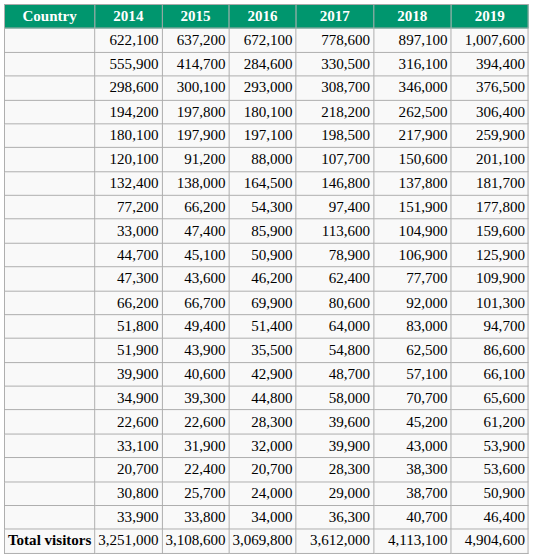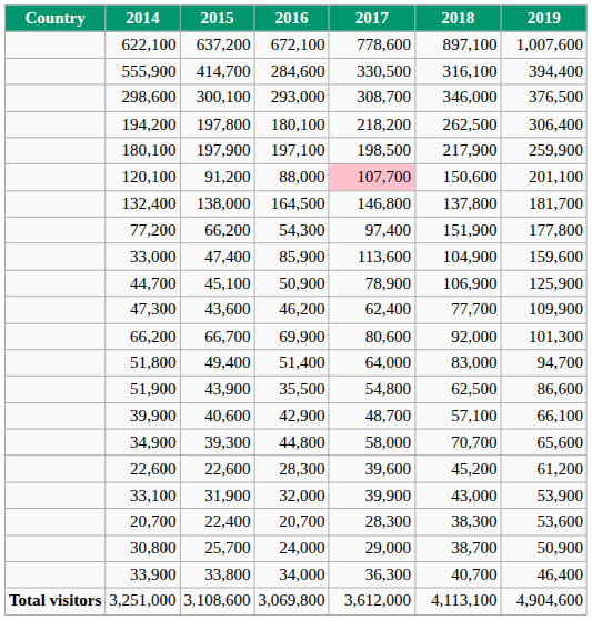 <table class="wikitable sortable static-row-numbers" style="text-align:right;">
 <tr>
 </tr>
 <tr style="color:white;">
 <th style="background-color:#00966E;">Country</th>
 <th style="background-color:#00966E;">2014</th>
 <th style="background-color:#00966E;">2015</th>
 <th style="background-color:#00966E;">2016</th>
 <th style="width:75px; background-color:#00966E;">2017</th>
 <th style="width:75px; background-color:#00966E;">2018</th>
 <th style="width:75px; background-color:#00966E;">2019</th>
 </tr>
 <tr>
 <td style=text-align:left></td>
 <td>622,100</td>
 <td>637,200</td>
 <td>672,100</td>
 <td>778,600</td>
 <td>897,100</td>
 <td>1,007,600</td>
 </tr>
 <tr>
 <td style=text-align:left></td>
 <td>555,900</td>
 <td>414,700</td>
 <td>284,600</td>
 <td>330,500</td>
 <td>316,100</td>
 <td>394,400</td>
 </tr>
 <tr>
 <td style=text-align:left></td>
 <td>298,600</td>
 <td>300,100</td>
 <td>293,000</td>
 <td>308,700</td>
 <td>346,000</td>
 <td>376,500</td>
 </tr>
 <tr>
 <td style=text-align:left></td>
 <td>194,200</td>
 <td>197,800</td>
 <td>180,100</td>
 <td>218,200</td>
 <td>262,500</td>
 <td>306,400</td>
 </tr>
 <tr>
 <td style=text-align:left></td>
 <td>180,100</td>
 <td>197,900</td>
 <td>197,100</td>
 <td>198,500</td>
 <td>217,900</td>
 <td>259,900</td>
 </tr>
 <tr>
 <td style=text-align:left></td>
 <td>120,100</td>
 <td>91,200</td>
 <td>88,000</td>
-<td>107,700</td>
+<td style="background: pink;">107,700</td>
 <td>150,600</td>
 <td>201,100</td>
 </tr>
 <tr>
 <td style=text-align:left></td>
 <td>132,400</td>
 <td>138,000</td>
 <td>164,500</td>
 <td>146,800</td>
 <td>137,800</td>
 <td>181,700</td>
 </tr>
 <tr>
 <td style=text-align:left></td>
 <td>77,200</td>
 <td>66,200</td>
 <td>54,300</td>
 <td>97,400</td>
 <td>151,900</td>
 <td>177,800</td>
 </tr>
 <tr>
 <td style=text-align:left></td>
 <td>33,000</td>
 <td>47,400</td>
 <td>85,900</td>
 <td>113,600</td>
 <td>104,900</td>
 <td>159,600</td>
 </tr>
 <tr>
 <td style=text-align:left></td>
 <td>44,700</td>
 <td>45,100</td>
 <td>50,900</td>
 <td>78,900</td>
 <td>106,900</td>
 <td>125,900</td>
 </tr>
 <tr>
 <td style=text-align:left></td>
 <td>47,300</td>
 <td>43,600</td>
 <td>46,200</td>
 <td>62,400</td>
 <td>77,700</td>
 <td>109,900</td>
 </tr>
 <tr>
 <td style=text-align:left></td>
 <td>66,200</td>
 <td>66,700</td>
 <td>69,900</td>
 <td>80,600</td>
 <td>92,000</td>
 <td>101,300</td>
 </tr>
 <tr>
 <td style=text-align:left></td>
 <td>51,800</td>
 <td>49,400</td>
 <td>51,400</td>
 <td>64,000</td>
 <td>83,000</td>
 <td>94,700</td>
 </tr>
 <tr>
 <td style=text-align:left></td>
 <td>51,900</td>
 <td>43,900</td>
 <td>35,500</td>
 <td>54,800</td>
 <td>62,500</td>
 <td>86,600</td>
 </tr>
 <tr>
 <td style=text-align:left></td>
 <td>39,900</td>
 <td>40,600</td>
 <td>42,900</td>
 <td>48,700</td>
 <td>57,100</td>
 <td>66,100</td>
 </tr>
 <tr>
 <td style=text-align:left></td>
 <td>34,900</td>
 <td>39,300</td>
 <td>44,800</td>
 <td>58,000</td>
 <td>70,700</td>
 <td>65,600</td>
 </tr>
 <tr>
 <td style=text-align:left></td>
 <td>22,600</td>
 <td>22,600</td>
 <td>28,300</td>
 <td>39,600</td>
 <td>45,200</td>
 <td>61,200</td>
 </tr>
 <tr>
 <td style=text-align:left></td>
 <td>33,100</td>
 <td>31,900</td>
 <td>32,000</td>
 <td>39,900</td>
 <td>43,000</td>
 <td>53,900</td>
 </tr>
 <tr>
 <td style=text-align:left></td>
 <td>20,700</td>
 <td>22,400</td>
 <td>20,700</td>
 <td>28,300</td>
 <td>38,300</td>
 <td>53,600</td>
 </tr>
 <tr>
 <td style=text-align:left></td>
 <td>30,800</td>
 <td>25,700</td>
 <td>24,000</td>
 <td>29,000</td>
 <td>38,700</td>
 <td>50,900</td>
 </tr>
 <tr>
 <td style=text-align:left></td>
 <td>33,900</td>
 <td>33,800</td>
 <td>34,000</td>
 <td>36,300</td>
 <td>40,700</td>
 <td>46,400</td>
 </tr>
 <tr class="sortbottom static-row-header">
 <td style=text-align:left><strong>Total visitors</strong></td>
 <td>3,251,000</td>
 <td>3,108,600</td>
 <td>3,069,800</td>
 <td>3,612,000</td>
 <td>4,113,100</td>
 <td>4,904,600</td>
 </tr>
 </table>
